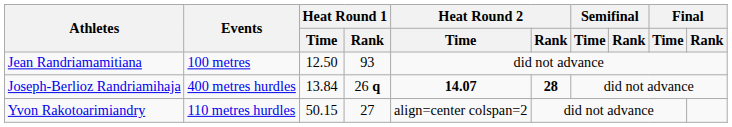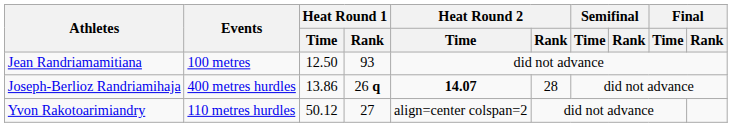 <table class=wikitable style=font-size:90%>
 <tr>
 <th rowspan=2>Athletes</th>
 <th rowspan=2>Events</th>
 <th colspan=2>Heat Round 1</th>
 <th colspan=2>Heat Round 2</th>
 <th colspan=2>Semifinal</th>
 <th colspan=2>Final</th>
 </tr>
 <tr>
 <th>Time</th>
 <th>Rank</th>
 <th>Time</th>
 <th>Rank</th>
 <th>Time</th>
 <th>Rank</th>
 <th>Time</th>
 <th>Rank</th>
 </tr>
 <tr>
 <td><a href='#'>Jean Randriamamitiana</a></td>
 <td><a href='#'>100 metres</a></td>
 <td align=center>12.50</td>
 <td align=center>93</td>
 <td align=center colspan=6>did not advance</td>
 </tr>
 <tr>
 <td><a href='#'>Joseph-Berlioz Randriamihaja</a></td>
 <td><a href='#'>400 metres hurdles</a></td>
-<td align=center>13.84</td>
+<td align=center>13.86</td>
 <td align=center>26 <strong>q</strong></td>
 <td align=center><strong>14.07</strong></td>
-<td align=center><strong>28</strong></td>
+<td align=center>28</td>
 <td align=center colspan=4>did not advance</td>
 </tr>
 <tr>
 <td><a href='#'>Yvon Rakotoarimiandry</a></td>
 <td><a href='#'>110 metres hurdles</a></td>
-<td align=center>50.15</td>
+<td align=center>50.12</td>
 <td align=center>27</td>
 <td>align=center colspan=2</td>
 <td align=center colspan=4>did not advance</td>
 </tr>
 </table>
